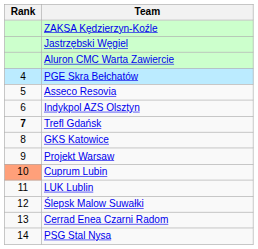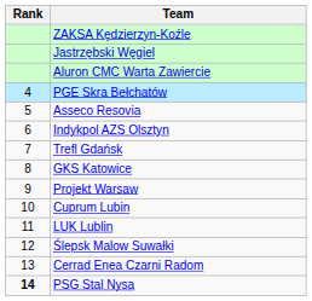 <table class="wikitable" style="white-space: nowrap; width:25%">
 <tr>
 <th width=15%>Rank</th>
 <th>Team</th>
 </tr>
 <tr bgcolor=#CCFFCC>
 <td style="text-align:center;"></td>
 <td><a href='#'>ZAKSA Kędzierzyn-Koźle</a></td>
 </tr>
 <tr bgcolor=#CCFFCC>
 <td style="text-align:center;"></td>
 <td><a href='#'>Jastrzębski Węgiel</a></td>
 </tr>
 <tr bgcolor=#CCFFCC>
 <td style="text-align:center;"></td>
 <td><a href='#'>Aluron CMC Warta Zawiercie</a></td>
 </tr>
 <tr bgcolor=#BBEBFF>
 <td style="text-align:center;">4</td>
 <td><a href='#'>PGE Skra Bełchatów</a></td>
 </tr>
 <tr>
 <td style="text-align:center;">5</td>
 <td><a href='#'>Asseco Resovia</a></td>
 </tr>
 <tr>
 <td style="text-align:center;">6</td>
 <td><a href='#'>Indykpol AZS Olsztyn</a></td>
 </tr>
 <tr>
-<td style="text-align:center;"><strong>7</strong></td>
+<td style="text-align:center;">7</td>
 <td><a href='#'>Trefl Gdańsk</a></td>
 </tr>
 <tr>
 <td style="text-align:center;">8</td>
 <td><a href='#'>GKS Katowice</a></td>
 </tr>
 <tr>
 <td style="text-align:center;">9</td>
 <td><a href='#'>Projekt Warsaw</a></td>
 </tr>
 <tr>
-<td style="background: lightsalmon; text-align:center;">10</td>
+<td style="text-align:center;">10</td>
 <td><a href='#'>Cuprum Lubin</a></td>
 </tr>
 <tr>
 <td style="text-align:center;">11</td>
 <td><a href='#'>LUK Lublin</a></td>
 </tr>
 <tr>
 <td style="text-align:center;">12</td>
 <td><a href='#'>Ślepsk Malow Suwałki</a></td>
 </tr>
 <tr>
 <td style="text-align:center;">13</td>
 <td><a href='#'>Cerrad Enea Czarni Radom</a></td>
 </tr>
 <tr>
-<td style="text-align:center;">14</td>
+<td style="text-align:center;"><strong>14</strong></td>
 <td><a href='#'>PSG Stal Nysa</a></td>
 </tr>
 </table>
